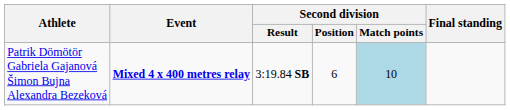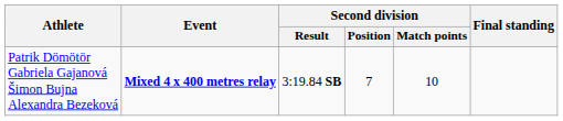 <table class=wikitable style="font-size:90%">
 <tr>
 <th rowspan="2">Athlete</th>
 <th rowspan="2">Event</th>
 <th colspan="3">Second division</th>
 <th rowspan="2">Final standing</th>
 </tr>
 <tr style="font-size:95%">
 <th>Result</th>
 <th>Position</th>
 <th>Match points</th>
 </tr>
 <tr align=center>
 <td align=left><a href='#'>Patrik Dömötör</a><br><a href='#'>Gabriela Gajanová</a><br><a href='#'>Šimon Bujna</a><br><a href='#'>Alexandra Bezeková</a></td>
 <td align=left><strong><a href='#'>Mixed 4 x 400 metres relay</a></strong></td>
 <td>3:19.84 <strong>SB</strong></td>
-<td>6</td>
-<td style="background: lightblue;">10</td>
+<td>7</td>
+<td>10</td>
 <td></td>
 </tr>
 </table>
